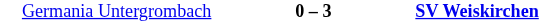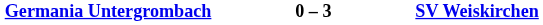 <table width=100% cellspacing=1>
 <tr>
 <th width=25%></th>
 <th width=10%></th>
 <th width=25%></th>
 <th></th>
 </tr>
 <tr style=font-size:90%>
-<td align=right><a href='#'>Germania Untergrombach</a></td>
+<td align=right><strong><a href='#'>Germania Untergrombach</a></strong></td>
 <td align=center><strong>0 – 3</strong></td>
 <td><strong><a href='#'>SV Weiskirchen</a></strong></td>
 </tr>
 </table>
